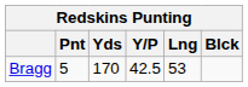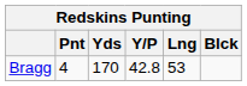 <table class="wikitable">
 <tr>
 <th colspan="6">Redskins Punting</th>
 </tr>
 <tr>
 <th></th>
 <th>Pnt</th>
 <th>Yds</th>
 <th>Y/P</th>
 <th>Lng</th>
 <th>Blck</th>
 </tr>
 <tr>
 <td><a href='#'>Bragg</a></td>
-<td>5</td>
+<td>4</td>
 <td>170</td>
-<td>42.5</td>
+<td>42.8</td>
 <td>53</td>
 </tr>
 </table>
